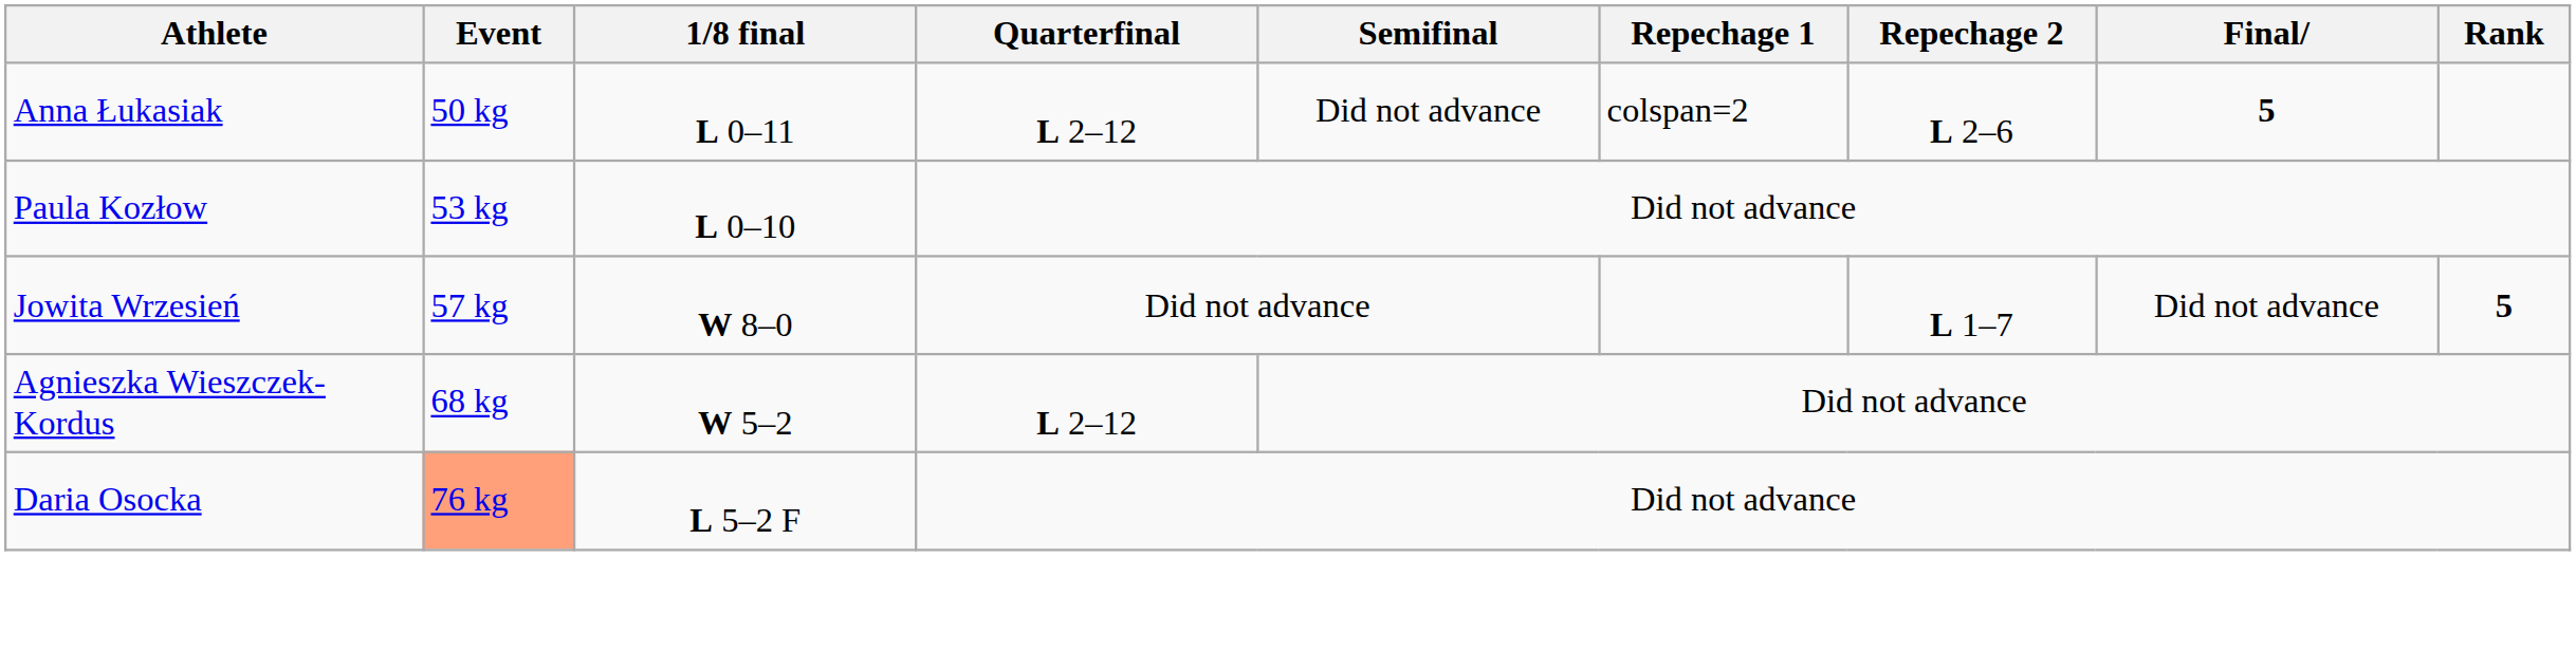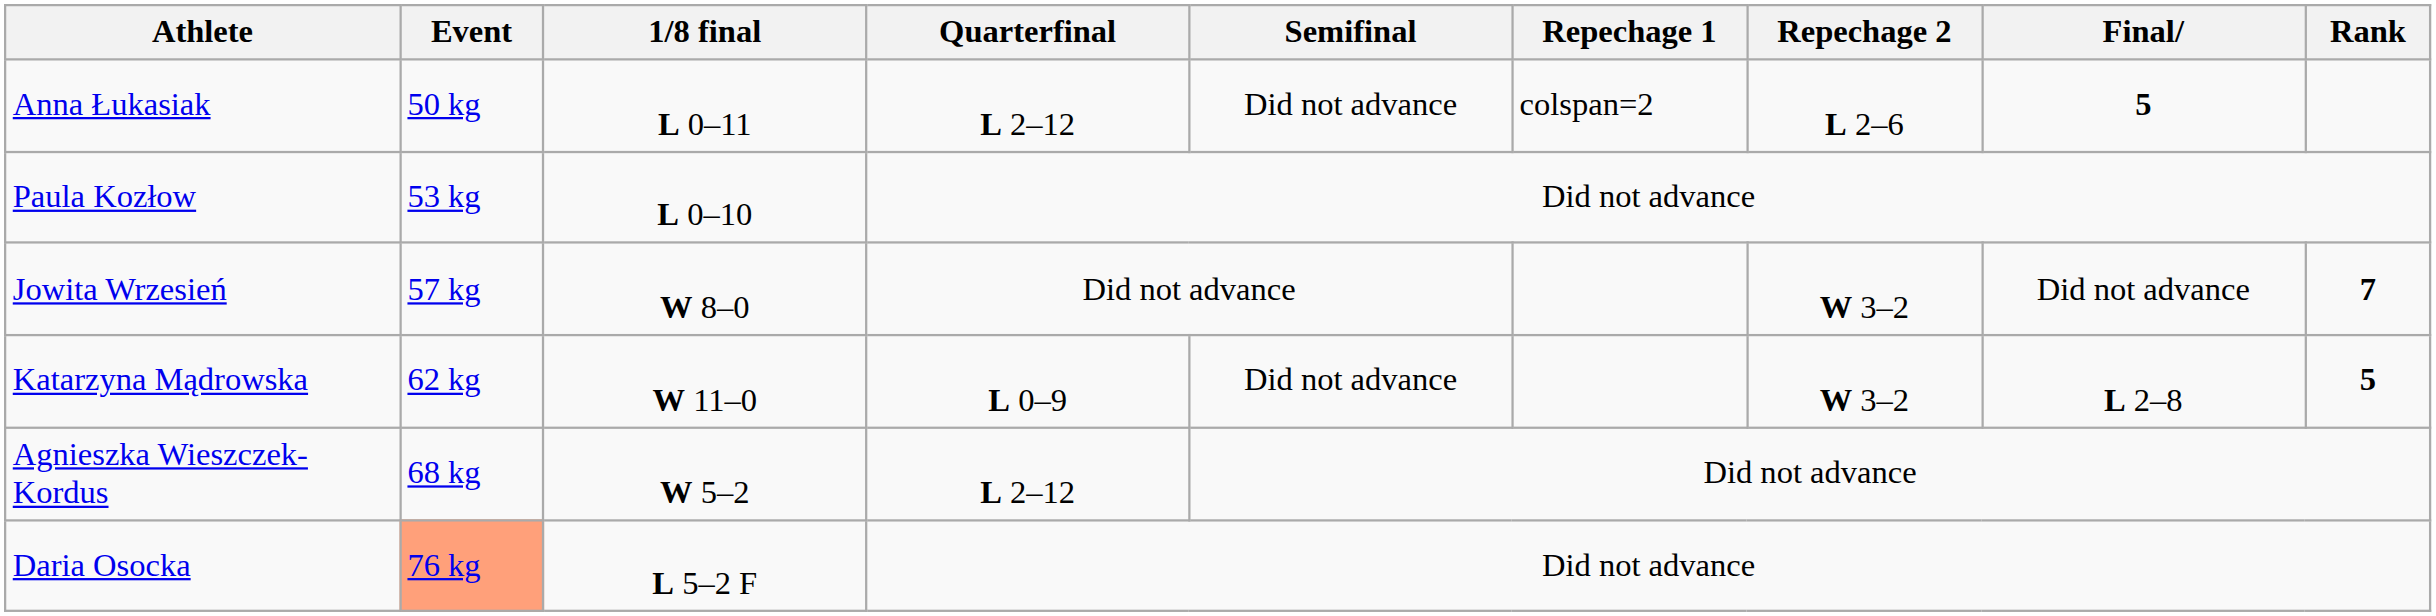 <table class="wikitable" width="85%" style="text-align:left; font-size:90%">
 <tr>
 <th width="11%">Athlete</th>
 <th width="4%">Event</th>
 <th width="9%">1/8 final</th>
 <th width="9%">Quarterfinal</th>
 <th width="9%">Semifinal</th>
 <th width="6%">Repechage 1</th>
 <th width="6%">Repechage 2</th>
 <th width="9%">Final/</th>
 <th width="3%">Rank</th>
 </tr>
 <tr>
 <td><a href='#'>Anna Łukasiak</a></td>
 <td><a href='#'>50 kg</a></td>
 <td align=center><br><strong>L</strong> 0–11</td>
 <td align=center><br><strong>L</strong> 2–12</td>
 <td align=center>Did not advance</td>
 <td>colspan=2 </td>
 <td align=center><br><strong>L</strong> 2–6</td>
 <td align=center><strong>5</strong></td>
 </tr>
 <tr>
 <td><a href='#'>Paula Kozłow</a></td>
 <td><a href='#'>53 kg</a></td>
 <td align=center><br><strong>L</strong> 0–10</td>
 <td colspan=6 align=center>Did not advance</td>
 </tr>
 <tr>
 <td><a href='#'>Jowita Wrzesień</a></td>
 <td><a href='#'>57 kg</a></td>
 <td align=center><br><strong>W</strong> 8–0</td>
 <td colspan=2 align=center>Did not advance</td>
 <td></td>
-<td align=center><br><strong>L</strong> 1–7</td>
+<td align=center><br><strong>W</strong> 3–2</td>
 <td align=center>Did not advance</td>
+<td align=center><strong>7</strong></td>
+</tr>
+<tr>
+<td><a href='#'>Katarzyna Mądrowska</a></td>
+<td><a href='#'>62 kg</a></td>
+<td align=center><br><strong>W</strong> 11–0</td>
+<td align=center><br><strong>L</strong> 0–9</td>
+<td align=center>Did not advance</td>
+<td></td>
+<td align=center><br><strong>W</strong> 3–2</td>
+<td align=center><br><strong>L</strong> 2–8</td>
 <td align=center><strong>5</strong></td>
 </tr>
 <tr>
 <td><a href='#'>Agnieszka Wieszczek-Kordus</a></td>
 <td><a href='#'>68 kg</a></td>
 <td align=center><br><strong>W</strong> 5–2</td>
 <td align=center><br><strong>L</strong> 2–12</td>
 <td colspan=5 align=center>Did not advance</td>
 </tr>
 <tr>
 <td><a href='#'>Daria Osocka</a></td>
 <td style="background: lightsalmon;"><a href='#'>76 kg</a></td>
 <td align=center><br><strong>L</strong> 5–2 F</td>
 <td colspan=6 align=center>Did not advance</td>
 </tr>
 </table>
